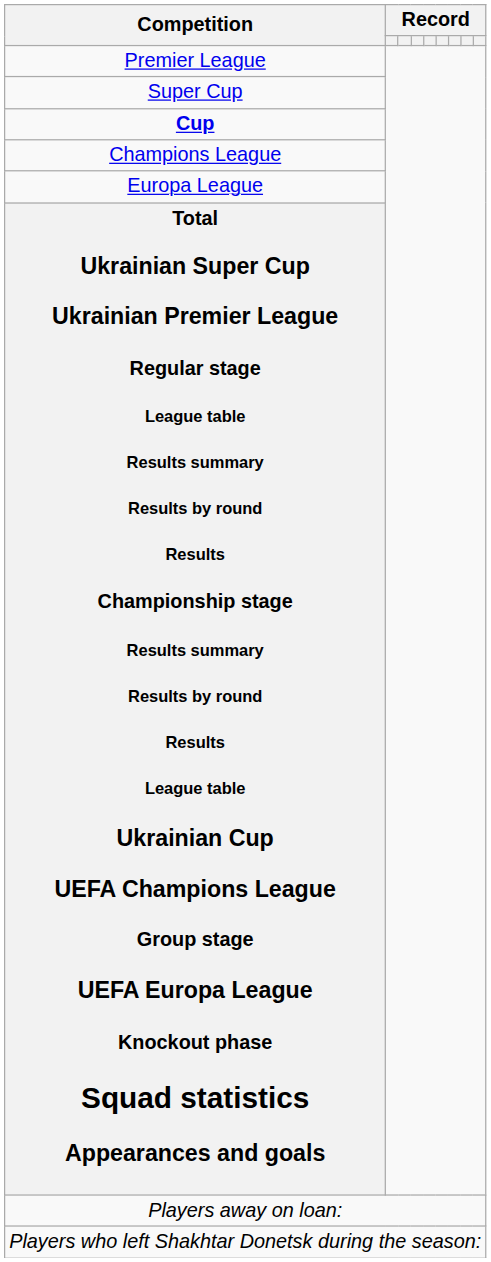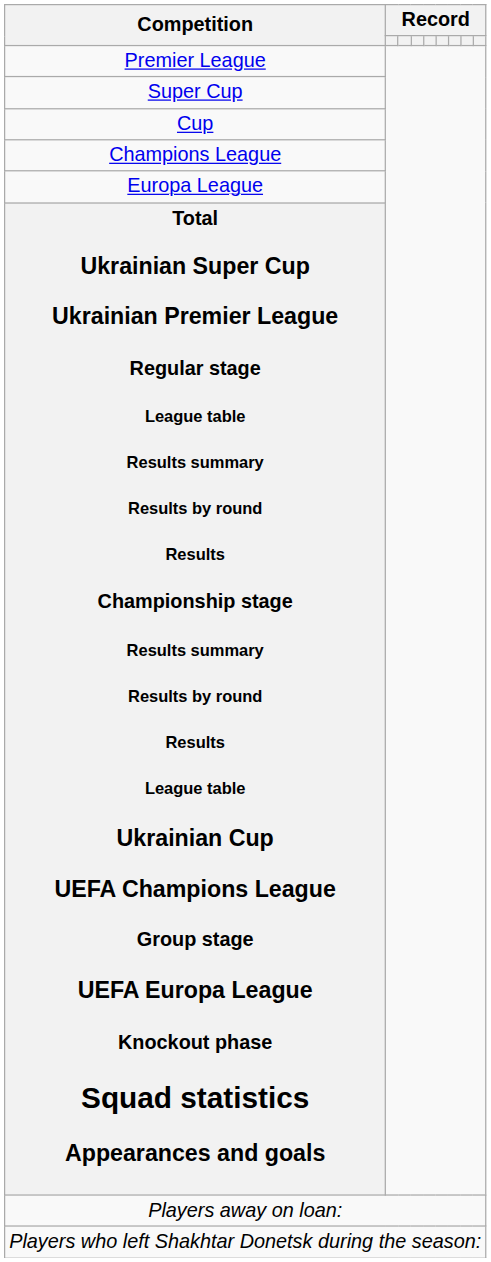 <table class="wikitable" style="text-align: center">
 <tr>
 <th rowspan=2>Competition</th>
 <th colspan=8>Record</th>
 </tr>
 <tr>
 <th></th>
 <th></th>
 <th></th>
 <th></th>
 <th></th>
 <th></th>
 <th></th>
 <th></th>
 </tr>
 <tr>
 <td><a href='#'>Premier League</a><br></td>
 </tr>
 <tr>
 <td><a href='#'>Super Cup</a><br></td>
 </tr>
 <tr>
-<td><strong><a href='#'>Cup</a><br></strong></td>
+<td><a href='#'>Cup</a><br></td>
 </tr>
 <tr>
 <td><a href='#'>Champions League</a><br></td>
 </tr>
 <tr>
 <td><a href='#'>Europa League</a><br></td>
 </tr>
 <tr>
 <th>Total<br> <h3>Ukrainian Super Cup</h3> <h3>Ukrainian Premier League</h3><h4>Regular stage</h4><h5>League table</h5><h5>Results summary</h5> <h5>Results by round</h5><h5>Results</h5>                     <h4>Championship stage</h4><h5>Results summary</h5> <h5>Results by round</h5><h5>Results</h5>         <h5>League table</h5><h3>Ukrainian Cup</h3> <h3>UEFA Champions League</h3><h4>Group stage</h4>       <h3>UEFA Europa League</h3><h4>Knockout phase</h4>      <h2>Squad statistics</h2><h3>Appearances and goals</h3>                              </th>
 </tr>
 <tr>
 <td colspan="16"><em>Players away on loan:</em><br></td>
 </tr>
 <tr>
 <td colspan="16"><em>Players who left Shakhtar Donetsk during the season:</em><br></td>
 </tr>
 </table>
